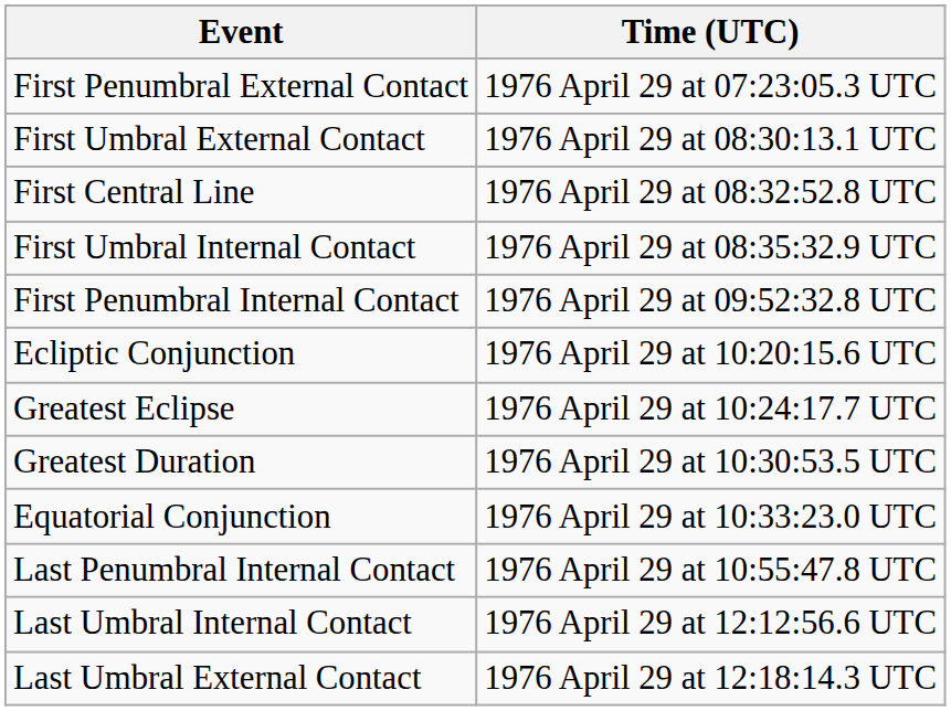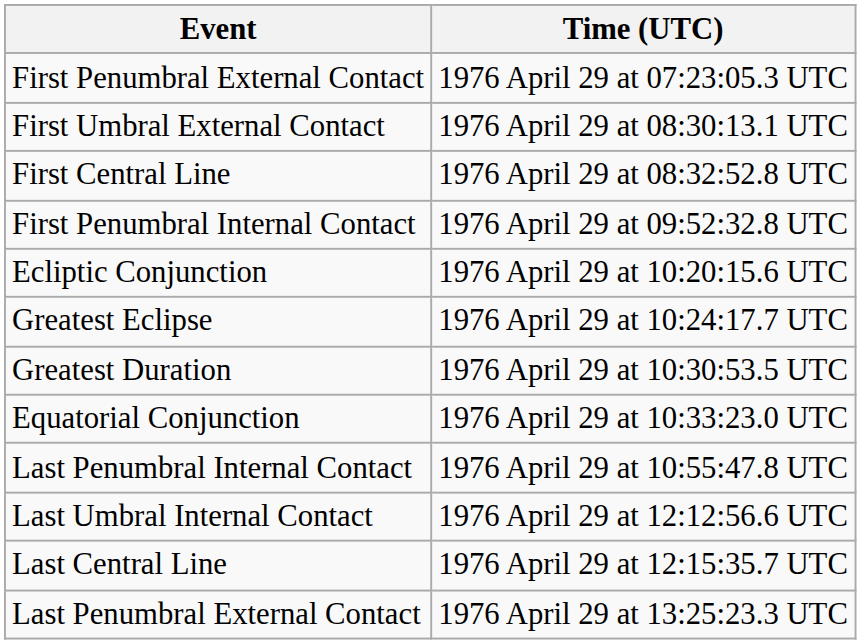 <table class="wikitable">
 <tr>
 <th>Event</th>
 <th>Time (UTC)</th>
 </tr>
 <tr>
 <td>First Penumbral External Contact</td>
 <td>1976 April 29 at 07:23:05.3 UTC</td>
 </tr>
 <tr>
 <td>First Umbral External Contact</td>
 <td>1976 April 29 at 08:30:13.1 UTC</td>
 </tr>
 <tr>
 <td>First Central Line</td>
 <td>1976 April 29 at 08:32:52.8 UTC</td>
-</tr>
-<tr>
-<td>First Umbral Internal Contact</td>
-<td>1976 April 29 at 08:35:32.9 UTC</td>
 </tr>
 <tr>
 <td>First Penumbral Internal Contact</td>
 <td>1976 April 29 at 09:52:32.8 UTC</td>
 </tr>
 <tr>
 <td>Ecliptic Conjunction</td>
 <td>1976 April 29 at 10:20:15.6 UTC</td>
 </tr>
 <tr>
 <td>Greatest Eclipse</td>
 <td>1976 April 29 at 10:24:17.7 UTC</td>
 </tr>
 <tr>
 <td>Greatest Duration</td>
 <td>1976 April 29 at 10:30:53.5 UTC</td>
 </tr>
 <tr>
 <td>Equatorial Conjunction</td>
 <td>1976 April 29 at 10:33:23.0 UTC</td>
 </tr>
 <tr>
 <td>Last Penumbral Internal Contact</td>
 <td>1976 April 29 at 10:55:47.8 UTC</td>
 </tr>
 <tr>
 <td>Last Umbral Internal Contact</td>
 <td>1976 April 29 at 12:12:56.6 UTC</td>
 </tr>
 <tr>
-<td>Last Umbral External Contact</td>
-<td>1976 April 29 at 12:18:14.3 UTC</td>
+<td>Last Central Line</td>
+<td>1976 April 29 at 12:15:35.7 UTC</td>
+</tr>
+<tr>
+<td>Last Penumbral External Contact</td>
+<td>1976 April 29 at 13:25:23.3 UTC</td>
 </tr>
 </table>
